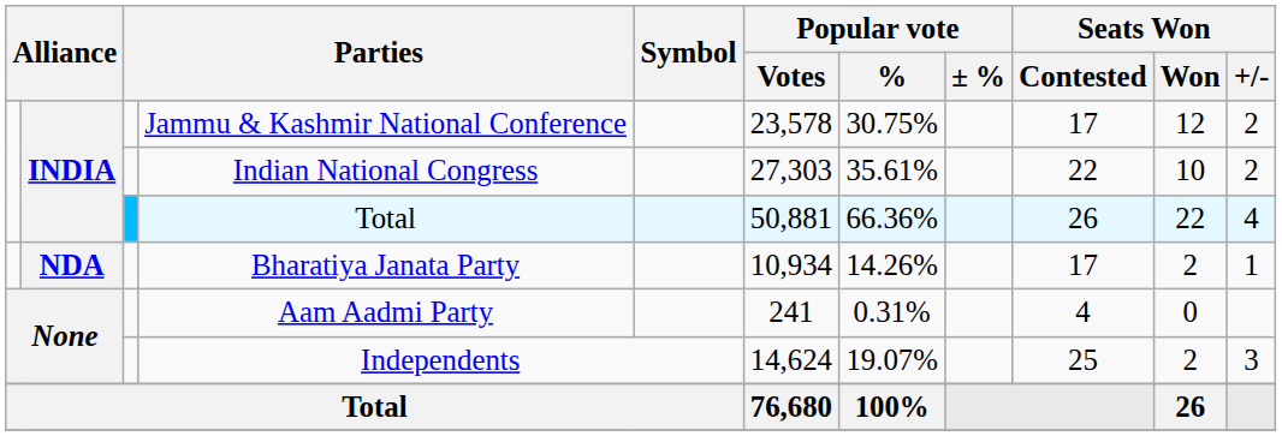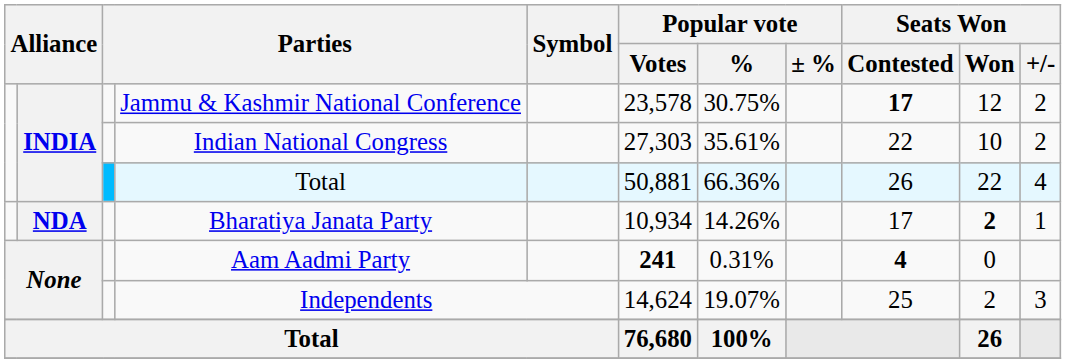 <table class="wikitable" style="text-align:center">
 <tr>
 <th colspan="2" rowspan="2">Alliance</th>
 <th colspan="2" rowspan="2">Parties</th>
 <th rowspan="2">Symbol</th>
 <th colspan="3">Popular vote</th>
 <th colspan="3">Seats Won</th>
 </tr>
 <tr>
 <th>Votes</th>
 <th>%</th>
 <th>± %</th>
 <th>Contested</th>
 <th>Won</th>
 <th>+/-</th>
 </tr>
 <tr>
 <td rowspan="3"></td>
 <th rowspan="3"><a href='#'>INDIA</a></th>
 <td bgcolor=></td>
 <td><a href='#'>Jammu & Kashmir National Conference</a></td>
 <td></td>
 <td>23,578</td>
 <td>30.75%</td>
 <td></td>
-<td>17</td>
+<td><strong>17</strong></td>
 <td>12</td>
 <td>2</td>
 </tr>
 <tr>
 <td></td>
 <td><a href='#'>Indian National Congress</a></td>
 <td></td>
 <td>27,303</td>
 <td>35.61%</td>
 <td></td>
 <td>22</td>
 <td>10</td>
 <td>2</td>
 </tr>
 <tr>
 <td style="background:#00bbff"></td>
 <td style="background:#e5f8ff">Total</td>
 <td style="background:#e5f8ff"></td>
 <td style="background:#e5f8ff">50,881</td>
 <td style="background:#e5f8ff">66.36%</td>
 <td style="background:#e5f8ff"></td>
 <td style="background:#e5f8ff">26</td>
 <td style="background:#e5f8ff">22</td>
 <td style="background:#e5f8ff"> 4</td>
 </tr>
 <tr>
 <td></td>
 <th><a href='#'>NDA</a></th>
 <td></td>
 <td><a href='#'>Bharatiya Janata Party</a></td>
 <td></td>
 <td>10,934</td>
 <td>14.26%</td>
 <td></td>
 <td>17</td>
-<td>2</td>
+<td><strong>2</strong></td>
 <td>1</td>
 </tr>
 <tr>
 <th colspan="2" rowspan="2"><em>None</em></th>
 <td></td>
 <td><a href='#'>Aam Aadmi Party</a></td>
 <td></td>
-<td>241</td>
+<td><strong>241</strong></td>
 <td>0.31%</td>
 <td></td>
-<td>4</td>
+<td><strong>4</strong></td>
 <td>0</td>
 <td></td>
 </tr>
 <tr>
 <td></td>
 <td colspan="2"><a href='#'>Independents</a></td>
 <td>14,624</td>
 <td>19.07%</td>
 <td></td>
 <td>25</td>
 <td>2</td>
 <td>3</td>
 </tr>
 <tr>
 </tr>
 <tr style="font-weight:bold;">
 <th align="centre" colspan="5">Total</th>
 <th>76,680</th>
 <th>100%</th>
 <td Colspan=2 bgcolor="#E9E9E9"></td>
 <th>26</th>
 <td bgcolor="#E9E9E9"></td>
 </tr>
 <tr>
 </tr>
 </table>
